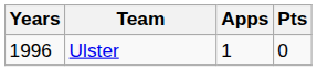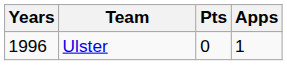 <table class="wikitable" style="text-align:left;">
 <tr>
 <th>Years</th>
 <th width=120px>Team</th>
+<th>Pts</th>
 <th>Apps</th>
-<th>Pts</th>
 </tr>
 <tr>
 <td>1996</td>
 <td><a href='#'>Ulster</a></td>
+<td>0</td>
 <td>1</td>
-<td>0</td>
 </tr>
 </table>
